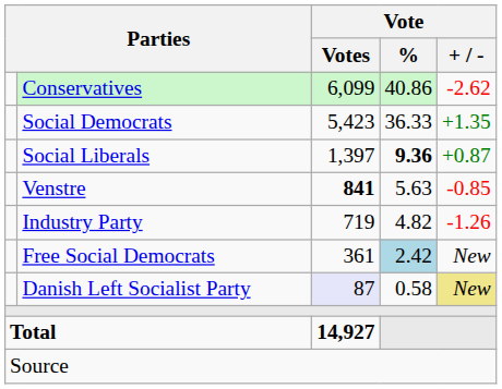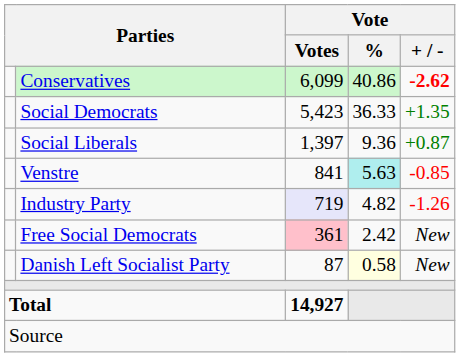 <table class="wikitable" style="text-align:right;">
 <tr>
 <th style="text-align:centre;" rowspan="2" colspan="2" width="225">Parties</th>
 <th colspan="3">Vote</th>
 </tr>
 <tr>
 <th width="15">Votes</th>
 <th width="15">%</th>
 <th width="15">+ / -</th>
 </tr>
 <tr>
 <td width="2" style="color:inherit;background:"></td>
 <td bgcolor=#ccf7cc  align="left"><a href='#'>Conservatives</a></td>
 <td bgcolor=#ccf7cc>6,099</td>
 <td bgcolor=#ccf7cc>40.86</td>
-<td style=color:red;>-2.62</td>
+<td style=color:red;><strong>-2.62</strong></td>
 </tr>
 <tr>
 <td width="2" style="color:inherit;background:"></td>
 <td align="left"><a href='#'>Social Democrats</a></td>
 <td>5,423</td>
 <td>36.33</td>
 <td style=color:green;>+1.35</td>
 </tr>
 <tr>
 <td width="2" style="color:inherit;background:"></td>
 <td align="left"><a href='#'>Social Liberals</a></td>
 <td>1,397</td>
-<td><strong>9.36</strong></td>
+<td>9.36</td>
 <td style=color:green;>+0.87</td>
 </tr>
 <tr>
 <td width="2" style="color:inherit;background:"></td>
 <td align="left"><a href='#'>Venstre</a></td>
-<td><strong>841</strong></td>
-<td>5.63</td>
+<td>841</td>
+<td style="background: paleturquoise;">5.63</td>
 <td style=color:red;>-0.85</td>
 </tr>
 <tr>
 <td width="2" style="color:inherit;background:"></td>
 <td align="left"><a href='#'>Industry Party</a></td>
-<td>719</td>
+<td style="background: lavender;">719</td>
 <td>4.82</td>
 <td style=color:red;>-1.26</td>
 </tr>
 <tr>
 <td width="2" style="color:inherit;background:"></td>
 <td align="left"><a href='#'>Free Social Democrats</a></td>
-<td>361</td>
-<td style="background: lightblue;">2.42</td>
+<td style="background: pink;">361</td>
+<td>2.42</td>
 <td><em>New</em></td>
 </tr>
 <tr>
 <td width="2" style="color:inherit;background:"></td>
 <td align="left"><a href='#'>Danish Left Socialist Party</a></td>
-<td style="background: lavender;">87</td>
-<td>0.58</td>
-<td style="background: khaki;"><em>New</em></td>
+<td>87</td>
+<td style="background: lightyellow;">0.58</td>
+<td><em>New</em></td>
 </tr>
 <tr>
 <td colspan="7" bgcolor="#E9E9E9"></td>
 </tr>
 <tr>
 <td align="left" colspan="2"><strong>Total</strong></td>
 <td><strong>14,927</strong></td>
 <td bgcolor="#E9E9E9" colspan="2"></td>
 </tr>
 <tr>
 <td align="left" colspan="6">Source</td>
 </tr>
 </table>
